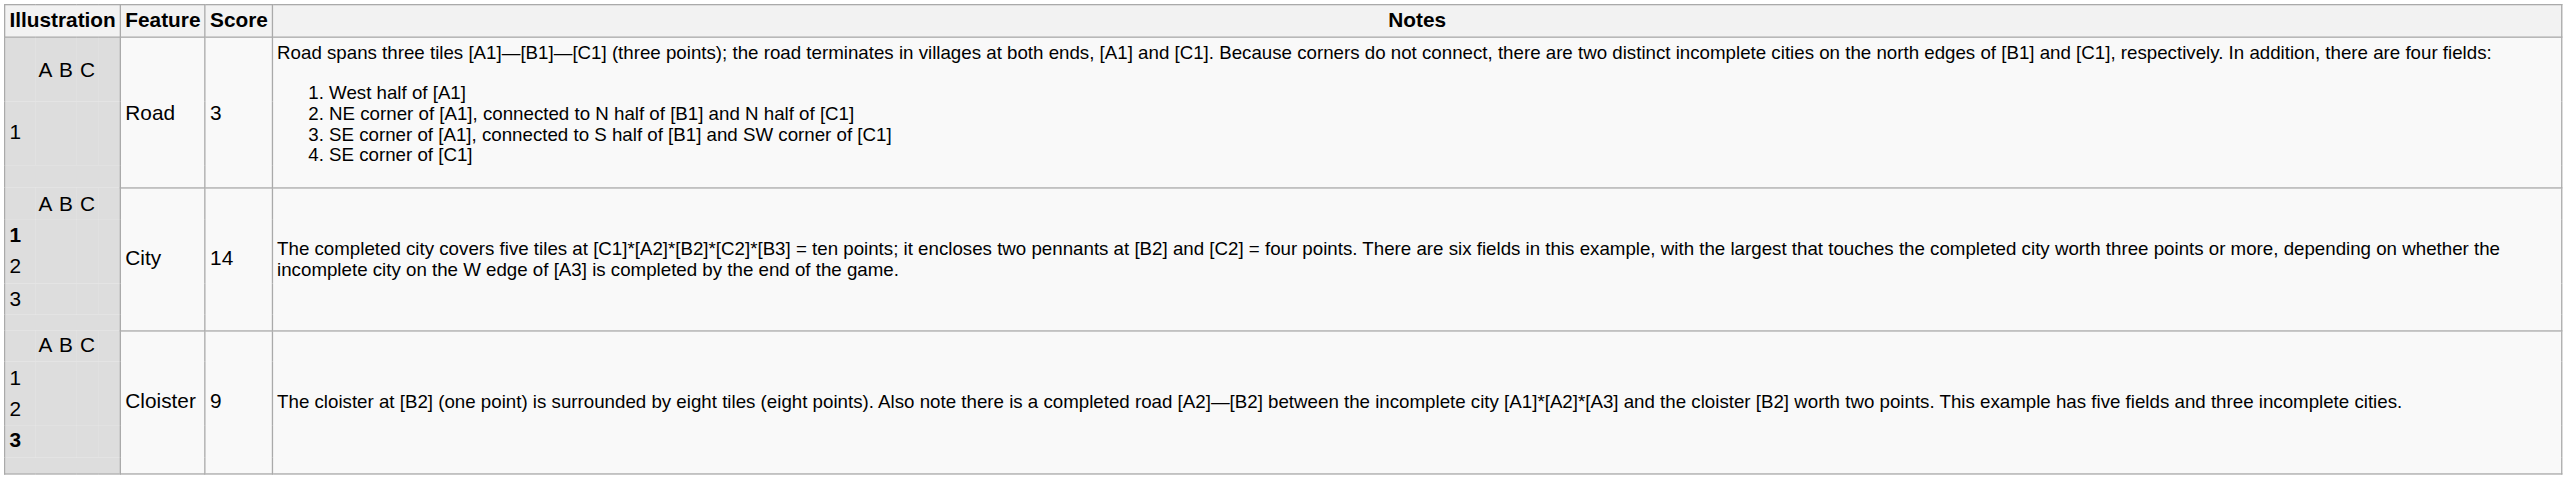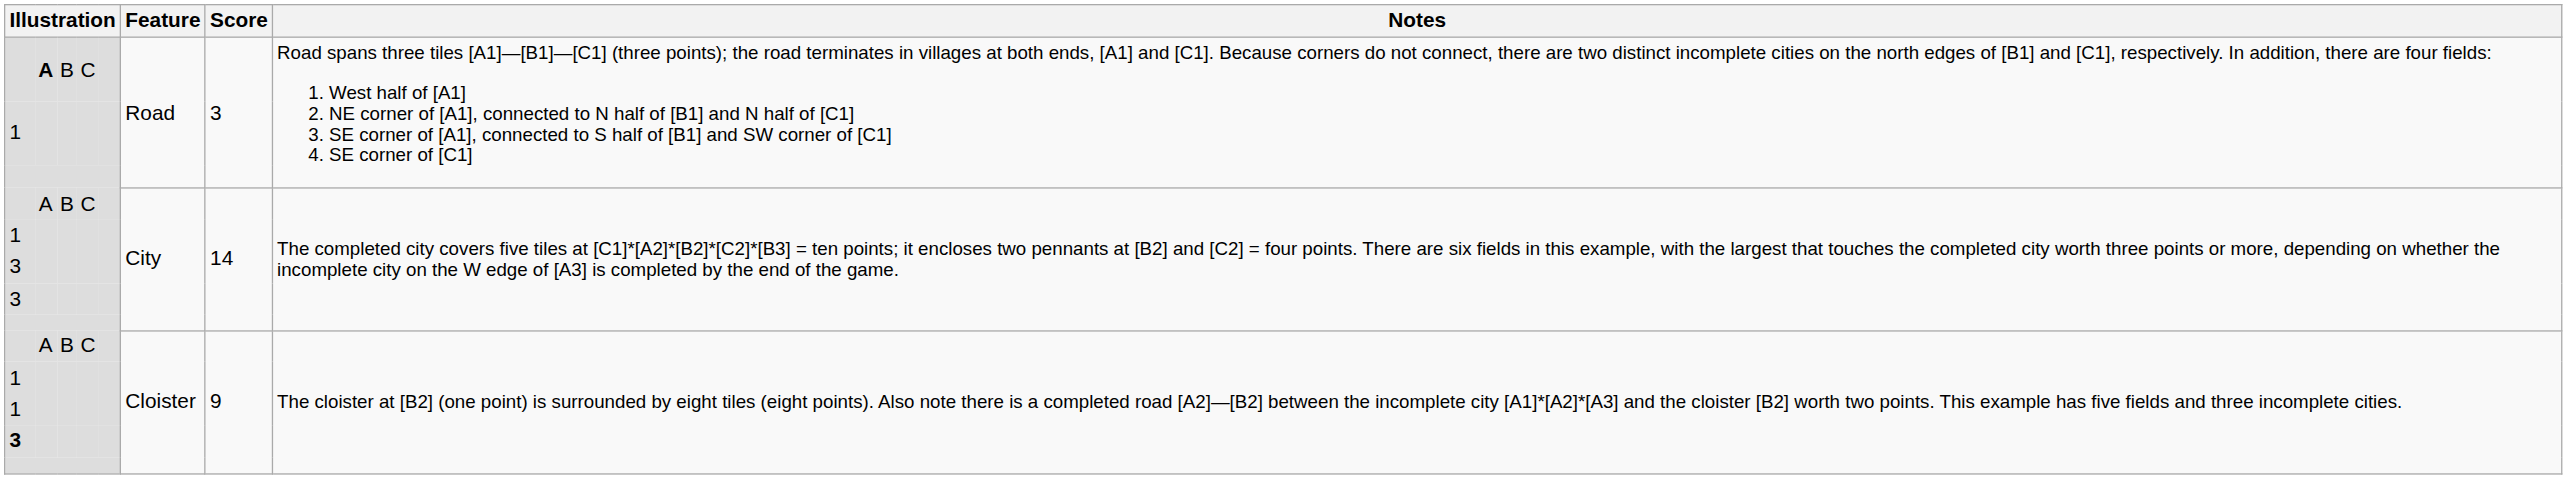 <table class="wikitable" style="font-size:100%;text-align:left;">
 <tr>
 <th colspan=5>Illustration</th>
 <th>Feature</th>
 <th>Score</th>
 <th>Notes</th>
 </tr>
 <tr>
 <td style="background-color:#ddd;border-width:0px;border-spacing:0px;" colspan=1> </td>
-<td style="background-color:#ddd;padding:0px;border-width:0px;border-spacing:0px;text-align:center;" colspan=1>A</td>
+<td style="background-color:#ddd;padding:0px;border-width:0px;border-spacing:0px;text-align:center;" colspan=1><strong>A</strong></td>
 <td style="background-color:#ddd;padding:0px;border-width:0px;border-spacing:0px;text-align:center;" colspan=1>B</td>
 <td style="background-color:#ddd;padding:0px;border-width:0px;border-spacing:0px;text-align:center;" colspan=1>C</td>
 <td style="background-color:#ddd;border-width:0px;border-spacing:0px;" colspan=1> </td>
 <td rowspan=3>Road</td>
 <td rowspan=3>3</td>
 <td rowspan=3 style="font-size:90%;">Road spans three tiles [A1]—[B1]—[C1] (three points); the road terminates in villages at both ends, [A1] and [C1]. Because corners do not connect, there are two distinct incomplete cities on the north edges of [B1] and [C1], respectively. In addition, there are four fields:<br><ol><li>West half of [A1]</li><li>NE corner of [A1], connected to N half of [B1] and N half of [C1]</li><li>SE corner of [A1], connected to S half of [B1] and SW corner of [C1]</li><li>SE corner of [C1]</li></ol></td>
 </tr>
 <tr style="background-color:#ddd;">
 <td style="border-width:0px;border-spacing:0px;">1</td>
 <td style="border-width:0px;padding:0px;border-spacing:0px;"></td>
 <td style="border-width:0px;padding:0px;border-spacing:0px;"></td>
 <td style="border-width:0px;padding:0px;border-spacing:0px;"></td>
 <td style="border-width:0px;border-spacing:0px;"> </td>
 </tr>
 <tr>
 <td style="background-color:#ddd;padding:0px;border-width:0px;border-spacing:0px;font-size:50%;" colspan=5> </td>
 </tr>
 <tr>
 <td style="background-color:#ddd;border-width:0px;border-spacing:0px;" colspan=1> </td>
 <td style="background-color:#ddd;padding:0px;border-width:0px;border-spacing:0px;text-align:center;" colspan=1>A</td>
 <td style="background-color:#ddd;padding:0px;border-width:0px;border-spacing:0px;text-align:center;" colspan=1>B</td>
 <td style="background-color:#ddd;padding:0px;border-width:0px;border-spacing:0px;text-align:center;" colspan=1>C</td>
 <td style="background-color:#ddd;border-width:0px;border-spacing:0px;" colspan=1> </td>
 <td rowspan=5>City</td>
 <td rowspan=5>14</td>
 <td rowspan=5 style="font-size:90%;">The completed city covers five tiles at [C1]*[A2]*[B2]*[C2]*[B3] = ten points; it encloses two pennants at [B2] and [C2] = four points. There are six fields in this example, with the largest that touches the completed city worth three points or more, depending on whether the incomplete city on the W edge of [A3] is completed by the end of the game.</td>
 </tr>
 <tr style="background-color:#ddd;">
-<td style="border-width:0px;border-spacing:0px;" colspan=1><strong>1</strong></td>
+<td style="border-width:0px;border-spacing:0px;" colspan=1>1</td>
 <td style="padding:0px;border-width:0px;border-spacing:0px;"></td>
 <td style="padding:0px;border-width:0px;border-spacing:0px;"></td>
 <td style="padding:0px;border-width:0px;border-spacing:0px;"></td>
 <td style="border-width:0px;border-spacing:0px;" colspan=1> </td>
 </tr>
 <tr style="background-color:#ddd;">
-<td style="border-width:0px;border-spacing:0px;" colspan=1>2</td>
+<td style="border-width:0px;border-spacing:0px;" colspan=1>3</td>
 <td style="padding:0px;border-width:0px;border-spacing:0px;"></td>
 <td style="padding:0px;border-width:0px;border-spacing:0px;"></td>
 <td style="padding:0px;border-width:0px;border-spacing:0px;"></td>
 <td style="border-width:0px;border-spacing:0px;" colspan=1> </td>
 </tr>
 <tr style="background-color:#ddd;">
 <td style="border-width:0px;border-spacing:0px;" colspan=1>3</td>
 <td style="padding:0px;border-width:0px;border-spacing:0px;"></td>
 <td style="padding:0px;border-width:0px;border-spacing:0px;"></td>
 <td style="padding:0px;border-width:0px;border-spacing:0px;"></td>
 <td style="border-width:0px;border-spacing:0px;" colspan=1> </td>
 </tr>
 <tr>
 <td style="background-color:#ddd;border-width:0px;border-spacing:0px;font-size:50%;" colspan=5> </td>
 </tr>
 <tr>
 <td style="background-color:#ddd;border-width:0px;border-spacing:0px;" colspan=1> </td>
 <td style="background-color:#ddd;padding:0px;border-width:0px;border-spacing:0px;text-align:center;" colspan=1>A</td>
 <td style="background-color:#ddd;padding:0px;border-width:0px;border-spacing:0px;text-align:center;" colspan=1>B</td>
 <td style="background-color:#ddd;padding:0px;border-width:0px;border-spacing:0px;text-align:center;" colspan=1>C</td>
 <td style="background-color:#ddd;border-width:0px;border-spacing:0px;" colspan=1> </td>
 <td rowspan=5>Cloister</td>
 <td rowspan=5>9</td>
 <td rowspan=5 style="font-size:90%;">The cloister at [B2] (one point) is surrounded by eight tiles (eight points). Also note there is a completed road [A2]—[B2] between the incomplete city [A1]*[A2]*[A3] and the cloister [B2] worth two points. This example has five fields and three incomplete cities.</td>
 </tr>
 <tr style="background-color:#ddd;">
 <td style="border-width:0px;border-spacing:0px;" colspan=1>1</td>
 <td style="padding:0px;border-width:0px;border-spacing:0px;"></td>
 <td style="padding:0px;border-width:0px;border-spacing:0px;"></td>
 <td style="padding:0px;border-width:0px;border-spacing:0px;"></td>
 <td style="border-width:0px;border-spacing:0px;" colspan=1> </td>
 </tr>
 <tr style="background-color:#ddd;">
-<td style="border-width:0px;border-spacing:0px;" colspan=1>2</td>
+<td style="border-width:0px;border-spacing:0px;" colspan=1>1</td>
 <td style="padding:0px;border-width:0px;border-spacing:0px;"></td>
 <td style="padding:0px;border-width:0px;border-spacing:0px;"></td>
 <td style="padding:0px;border-width:0px;border-spacing:0px;"></td>
 <td style="border-width:0px;border-spacing:0px;" colspan=1> </td>
 </tr>
 <tr style="background-color:#ddd;">
 <td style="border-width:0px;border-spacing:0px;" colspan=1><strong>3</strong></td>
 <td style="padding:0px;border-width:0px;border-spacing:0px;"></td>
 <td style="padding:0px;border-width:0px;border-spacing:0px;"></td>
 <td style="padding:0px;border-width:0px;border-spacing:0px;"></td>
 <td style="border-width:0px;border-spacing:0px;" colspan=1> </td>
 </tr>
 <tr>
 <td style="background-color:#ddd;border-width:0px;border-spacing:0px;font-size:50%;" colspan=5> </td>
 </tr>
 </table>
